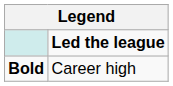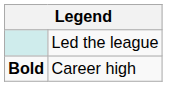 <table class="wikitable">
 <tr>
 <th colspan="2">Legend</th>
 </tr>
 <tr>
 <td style="background:#cfecec;"></td>
-<td><strong>Led the league</strong></td>
+<td>Led the league</td>
 </tr>
 <tr>
 <td><strong>Bold</strong></td>
 <td>Career high</td>
 </tr>
 </table>
